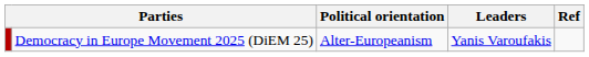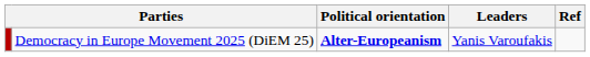 <table class="wikitable">
 <tr>
 <th colspan=2>Parties</th>
 <th>Political orientation</th>
 <th>Leaders</th>
 <th>Ref</th>
 </tr>
 <tr>
 <td style="background-color: #B80000"></td>
 <td><a href='#'>Democracy in Europe Movement 2025</a> (DiEM 25)</td>
-<td><a href='#'>Alter-Europeanism</a></td>
+<td><strong><a href='#'>Alter-Europeanism</a></strong></td>
 <td><a href='#'>Yanis Varoufakis</a></td>
 <td></td>
 </tr>
 </table>
